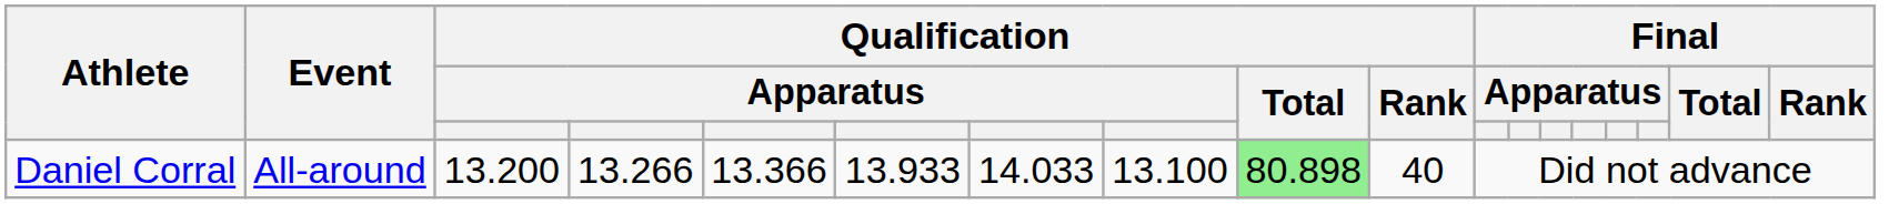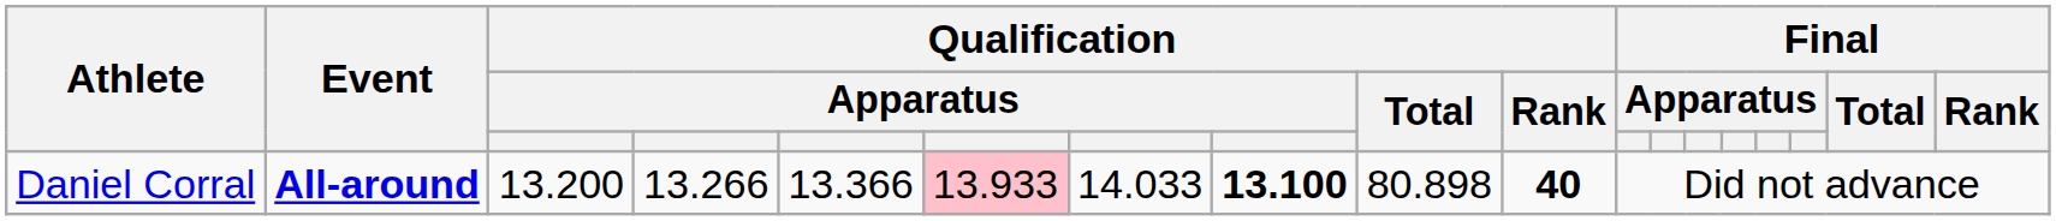 <table class="wikitable" style="font-size:90%">
 <tr>
 <th rowspan=3>Athlete</th>
 <th rowspan=3>Event</th>
 <th colspan =8>Qualification</th>
 <th colspan =8>Final</th>
 </tr>
 <tr style="font-size:95%">
 <th colspan=6>Apparatus</th>
 <th rowspan=2>Total</th>
 <th rowspan=2>Rank</th>
 <th colspan=6>Apparatus</th>
 <th rowspan=2>Total</th>
 <th rowspan=2>Rank</th>
 </tr>
 <tr style="font-size:95%">
 <th></th>
 <th></th>
 <th></th>
 <th></th>
 <th></th>
 <th></th>
 <th></th>
 <th></th>
 <th></th>
 <th></th>
 <th></th>
 <th></th>
 </tr>
 <tr align=center>
 <td align=left><a href='#'>Daniel Corral</a></td>
-<td align=left><a href='#'>All-around</a></td>
+<td align=left><strong><a href='#'>All-around</a></strong></td>
 <td>13.200</td>
 <td>13.266</td>
 <td>13.366</td>
-<td>13.933</td>
+<td style="background: pink;">13.933</td>
 <td>14.033</td>
-<td>13.100</td>
-<td style="background: lightgreen;">80.898</td>
-<td>40</td>
+<td><strong>13.100</strong></td>
+<td>80.898</td>
+<td><strong>40</strong></td>
 <td colspan=8>Did not advance</td>
 </tr>
 </table>
